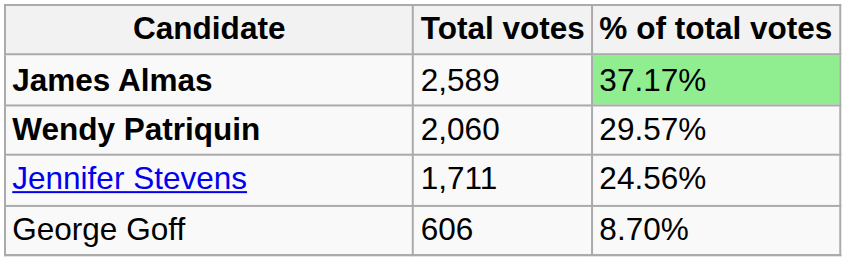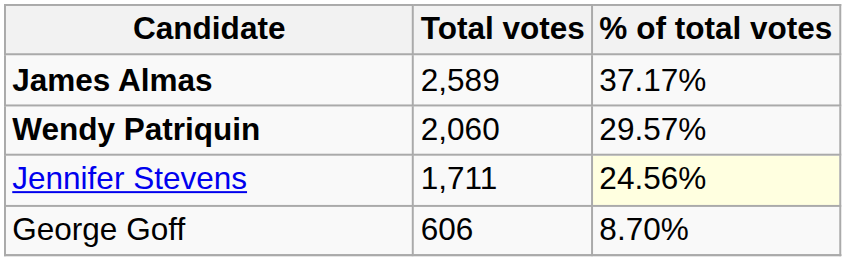 <table class="wikitable">
 <tr>
 <th bgcolor="#DDDDFF" width="200px">Candidate</th>
 <th bgcolor="#DDDDFF">Total votes</th>
 <th bgcolor="#DDDDFF">% of total votes</th>
 </tr>
 <tr>
 <td><strong>James Almas</strong></td>
 <td>2,589</td>
-<td style="background: lightgreen;">37.17%</td>
+<td>37.17%</td>
 </tr>
 <tr>
 <td><strong>Wendy Patriquin</strong></td>
 <td>2,060</td>
 <td>29.57%</td>
 </tr>
 <tr>
 <td><a href='#'>Jennifer Stevens</a></td>
 <td>1,711</td>
-<td>24.56%</td>
+<td style="background: lightyellow;">24.56%</td>
 </tr>
 <tr>
 <td>George Goff</td>
 <td>606</td>
 <td>8.70%</td>
 </tr>
 <tr>
 </tr>
 </table>
